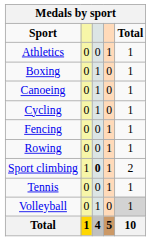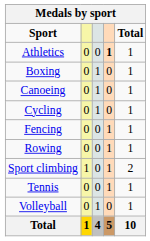 <table class="wikitable" style="text-align:center; font-size:85%; float:right">
 <tr style="background:#efefef;">
 <th colspan=7><strong>Medals by sport</strong></th>
 </tr>
 <tr>
 <td><strong>Sport</strong></td>
 <td style="background:#f7f6a8;"></td>
 <td style="background:#dce5e5;"></td>
 <td style="background:#ffdab9;"></td>
 <td><strong>Total</strong></td>
 </tr>
 <tr>
 <td><a href='#'>Athletics</a></td>
 <td style="background:#f7f6a8;">0</td>
 <td style="background:#dce5e5;">0</td>
-<td style="background:#ffdab9;">1</td>
+<td style="background:#ffdab9;"><strong>1</strong></td>
 <td>1</td>
 </tr>
 <tr>
 <td><a href='#'>Boxing</a></td>
 <td style="background:#f7f6a8;">0</td>
 <td style="background:#dce5e5;">1</td>
 <td style="background:#ffdab9;">0</td>
 <td>1</td>
 </tr>
 <tr>
 <td><a href='#'>Canoeing</a></td>
 <td style="background:#f7f6a8;">0</td>
 <td style="background:#dce5e5;">1</td>
 <td style="background:#ffdab9;">0</td>
 <td>1</td>
 </tr>
 <tr>
 <td><a href='#'>Cycling</a></td>
 <td style="background:#f7f6a8;">0</td>
 <td style="background:#dce5e5;">1</td>
 <td style="background:#ffdab9;">0</td>
 <td>1</td>
 </tr>
 <tr>
 <td><a href='#'>Fencing</a></td>
 <td style="background:#f7f6a8;">0</td>
 <td style="background:#dce5e5;">0</td>
 <td style="background:#ffdab9;">1</td>
 <td>1</td>
 </tr>
 <tr>
 <td><a href='#'>Rowing</a></td>
 <td style="background:#f7f6a8;">0</td>
 <td style="background:#dce5e5;">0</td>
 <td style="background:#ffdab9;">1</td>
 <td>1</td>
 </tr>
 <tr>
 <td><a href='#'>Sport climbing</a></td>
 <td style="background:#f7f6a8;">1</td>
-<td style="background:#dce5e5;"><strong>0</strong></td>
+<td style="background:#dce5e5;">0</td>
 <td style="background:#ffdab9;">1</td>
 <td>2</td>
 </tr>
 <tr>
 <td><a href='#'>Tennis</a></td>
 <td style="background:#f7f6a8;">0</td>
 <td style="background:#dce5e5;">0</td>
 <td style="background:#ffdab9;">1</td>
 <td>1</td>
 </tr>
 <tr>
 <td><a href='#'>Volleyball</a></td>
 <td style="background:#f7f6a8;">0</td>
 <td style="background:#dce5e5;">1</td>
 <td style="background:#ffdab9;">0</td>
-<td style="background: lightgrey;">1</td>
+<td>1</td>
 </tr>
 <tr>
 <th>Total</th>
 <th style="background:gold;">1</th>
 <th style="background:silver;">4</th>
 <th style="background:#c96;">5</th>
 <th>10</th>
 </tr>
 </table>
